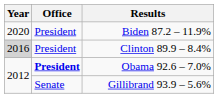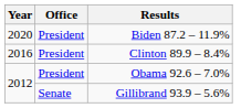 <table class=wikitable>
 <tr>
 <th width="30">Year</th>
 <th width="60">Office</th>
 <th width="180">Results</th>
 </tr>
 <tr>
 <td>2020</td>
 <td><a href='#'>President</a></td>
 <td align="right" ><a href='#'>Biden</a> 87.2 – 11.9%</td>
 </tr>
 <tr>
-<td style="background: lightgrey;">2016</td>
+<td>2016</td>
 <td><a href='#'>President</a></td>
 <td align="right" ><a href='#'>Clinton</a> 89.9 – 8.4%</td>
 </tr>
 <tr>
 <td rowspan="2">2012</td>
-<td><strong><a href='#'>President</a></strong></td>
+<td><a href='#'>President</a></td>
 <td align="right" ><a href='#'>Obama</a> 92.6 – 7.0%</td>
 </tr>
 <tr>
 <td><a href='#'>Senate</a></td>
 <td align="right" ><a href='#'>Gillibrand</a> 93.9 – 5.6%</td>
 </tr>
 </table>
